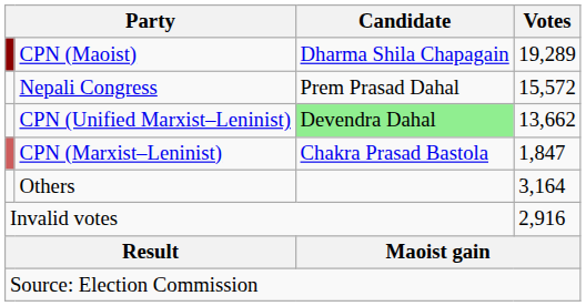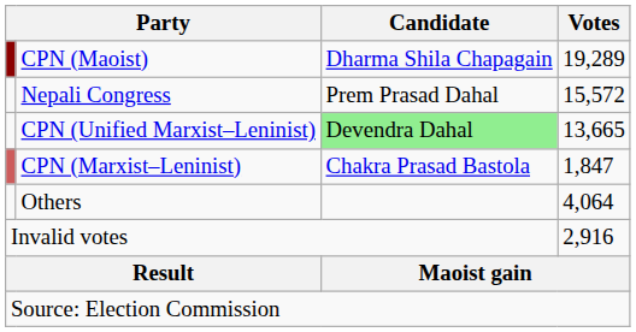 <table class="wikitable">
 <tr>
 <th colspan="2">Party</th>
 <th>Candidate</th>
 <th>Votes</th>
 </tr>
 <tr>
 <td style="background-color:darkred"></td>
 <td><a href='#'>CPN (Maoist)</a></td>
 <td><a href='#'>Dharma Shila Chapagain</a></td>
 <td>19,289</td>
 </tr>
 <tr>
 <td style="background-color:"></td>
 <td><a href='#'>Nepali Congress</a></td>
 <td>Prem Prasad Dahal</td>
 <td>15,572</td>
 </tr>
 <tr>
 <td style="background-color:"></td>
 <td><a href='#'>CPN (Unified Marxist–Leninist)</a></td>
 <td style="background: lightgreen;">Devendra Dahal</td>
-<td>13,662</td>
+<td>13,665</td>
 </tr>
 <tr>
 <td style="background-color:indianred"></td>
 <td><a href='#'>CPN (Marxist–Leninist)</a></td>
 <td><a href='#'>Chakra Prasad Bastola</a></td>
 <td>1,847</td>
 </tr>
 <tr>
 <td></td>
 <td>Others</td>
 <td></td>
-<td>3,164</td>
+<td>4,064</td>
 </tr>
 <tr>
 <td colspan="3">Invalid votes</td>
 <td>2,916</td>
 </tr>
 <tr>
 <th colspan="2">Result</th>
 <th colspan="2">Maoist gain</th>
 </tr>
 <tr>
 <td colspan="4">Source: Election Commission</td>
 </tr>
 </table>
